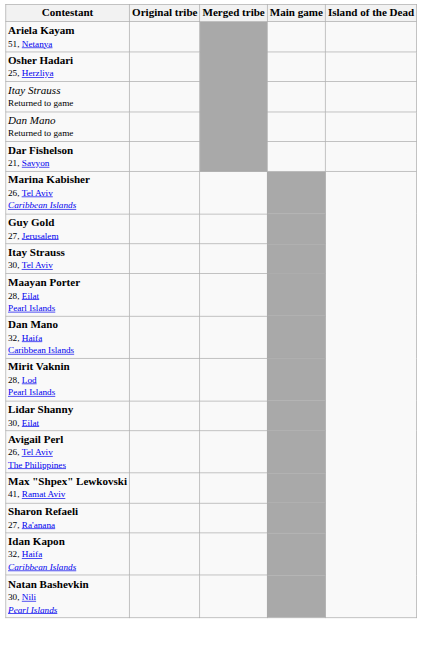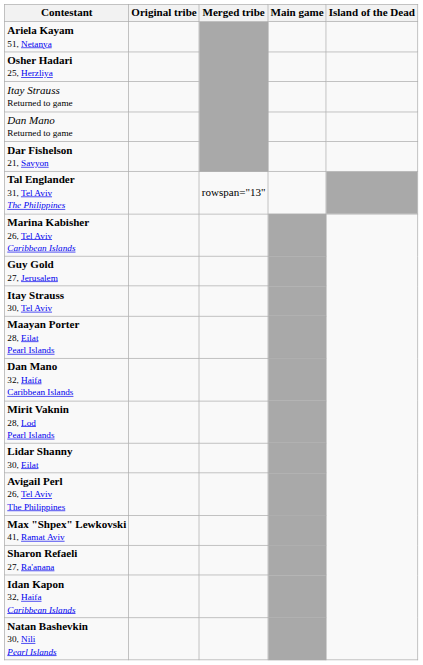 <table class="wikitable sortable" style="margin:auto; text-align:center">
 <tr>
 <th>Contestant</th>
 <th>Original tribe</th>
 <th>Merged tribe</th>
 <th>Main game</th>
 <th>Island of the Dead</th>
 </tr>
 <tr>
 <td align="left"><strong>Ariela Kayam</strong><br><small>51, <a href='#'>Netanya</a></small></td>
 <td></td>
 <td rowspan=5 bgcolor=darkgray></td>
 <td></td>
 <td></td>
 </tr>
 <tr>
 <td align="left"><strong>Osher Hadari</strong><br><small>25, <a href='#'>Herzliya</a></small></td>
 <td></td>
 <td></td>
 <td></td>
 </tr>
 <tr>
 <td align="left"><em>Itay Strauss</em><br><small>Returned to game</small></td>
 <td></td>
 <td></td>
 <td></td>
 </tr>
 <tr>
 <td align="left"><em>Dan Mano</em><br><small>Returned to game</small></td>
 <td></td>
 <td></td>
 <td></td>
 </tr>
 <tr>
 <td align="left"><strong>Dar Fishelson</strong><br><small>21, <a href='#'>Savyon</a></small></td>
 <td></td>
 <td></td>
 <td></td>
+</tr>
+<tr>
+<td align="left"><strong>Tal Englander</strong><br><small>31, <a href='#'>Tel Aviv</a><br><a href='#'><em>The Philippines</em></a></small></td>
+<td></td>
+<td>rowspan="13" </td>
+<td></td>
+<td bgcolor="darkgrey"></td>
 </tr>
 <tr>
 <td align="left"><strong>Marina Kabisher</strong><br><small>26, <a href='#'>Tel Aviv</a><br><a href='#'><em>Caribbean Islands</em></a></small></td>
 <td></td>
 <td></td>
 <td bgcolor="darkgray"></td>
 </tr>
 <tr>
 <td align="left"><strong>Guy Gold</strong><br><small>27, <a href='#'>Jerusalem</a></small></td>
 <td></td>
 <td></td>
 <td bgcolor="darkgray"></td>
 </tr>
 <tr>
 <td align="left"><strong>Itay Strauss</strong><br><small>30, <a href='#'>Tel Aviv</a></small></td>
 <td></td>
 <td></td>
 <td bgcolor="darkgray"></td>
 </tr>
 <tr>
 <td align="left"><strong>Maayan Porter</strong><br><small>28, <a href='#'>Eilat</a><br><em><a href='#'></em>Pearl Islands<em></a></em></small></td>
 <td></td>
 <td></td>
 <td bgcolor="darkgray"></td>
 </tr>
 <tr>
 <td align="left"><strong>Dan Mano</strong><br><small>32, <a href='#'>Haifa</a><br><em><a href='#'></em>Caribbean Islands<em></a></em></small></td>
 <td></td>
 <td></td>
 <td bgcolor="darkgray"></td>
 </tr>
 <tr>
 <td align="left"><strong>Mirit Vaknin</strong><br><small>28, <a href='#'>Lod</a><br><em><a href='#'></em>Pearl Islands<em></a></em></small></td>
 <td></td>
 <td></td>
 <td bgcolor="darkgray"></td>
 </tr>
 <tr>
 <td align="left"><strong>Lidar Shanny</strong><br><small>30, <a href='#'>Eilat</a></small></td>
 <td></td>
 <td></td>
 <td bgcolor="darkgray"></td>
 </tr>
 <tr>
 <td align="left"><strong>Avigail Perl</strong><br><small>26, <a href='#'>Tel Aviv</a><br><em><a href='#'></em>The Philippines<em></a></em></small></td>
 <td></td>
 <td></td>
 <td bgcolor="darkgray"></td>
 </tr>
 <tr>
 <td align="left"><strong>Max "Shpex" Lewkovski</strong><br><small>41, <a href='#'>Ramat Aviv</a></small></td>
 <td></td>
 <td></td>
 <td bgcolor="darkgray"></td>
 </tr>
 <tr>
 <td align="left"><strong>Sharon Refaeli</strong><br><small>27, <a href='#'>Ra'anana</a></small></td>
 <td></td>
 <td></td>
 <td bgcolor="darkgray"></td>
 </tr>
 <tr>
 <td align="left"><strong>Idan Kapon</strong><br><small>32, <a href='#'>Haifa</a><br><em><a href='#'>Caribbean Islands</a></em></small></td>
 <td></td>
 <td></td>
 <td bgcolor="darkgray"></td>
 </tr>
 <tr>
 <td align="left"><strong>Natan Bashevkin</strong><br><small>30, <a href='#'>Nili</a><br><em><a href='#'>Pearl Islands</a></em></small></td>
 <td></td>
 <td></td>
 <td bgcolor="darkgray"></td>
 </tr>
 </table>
